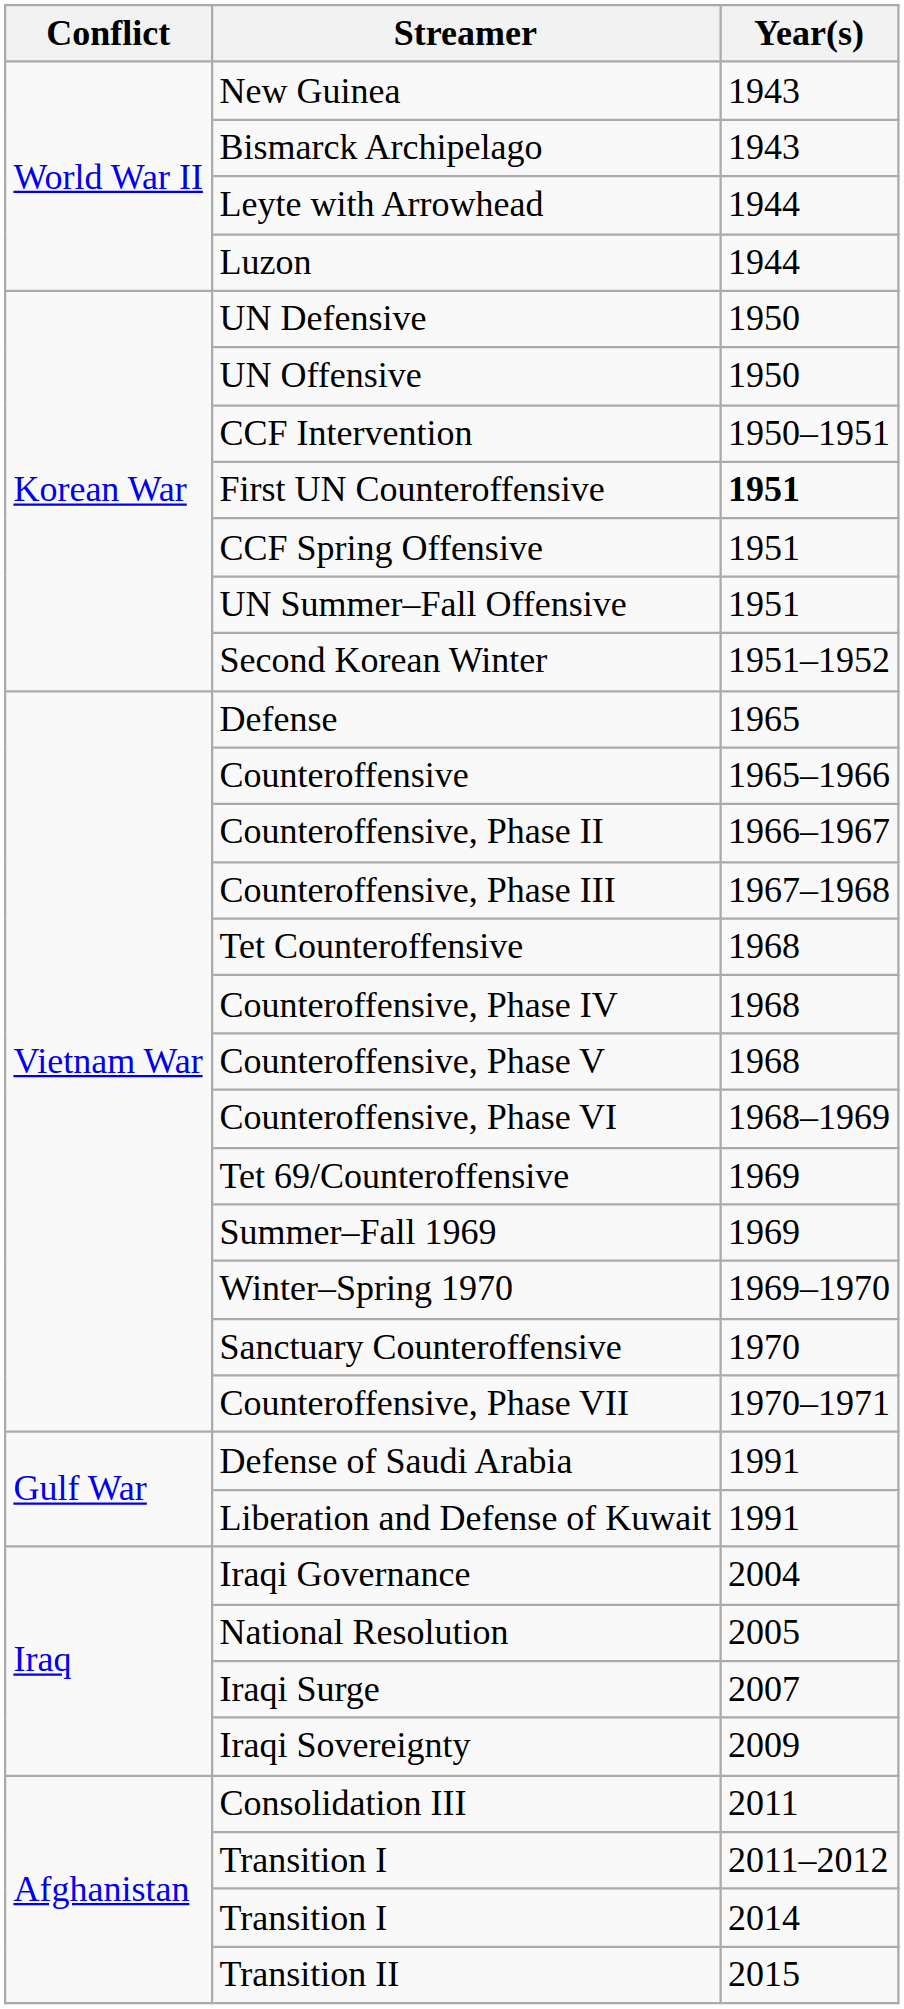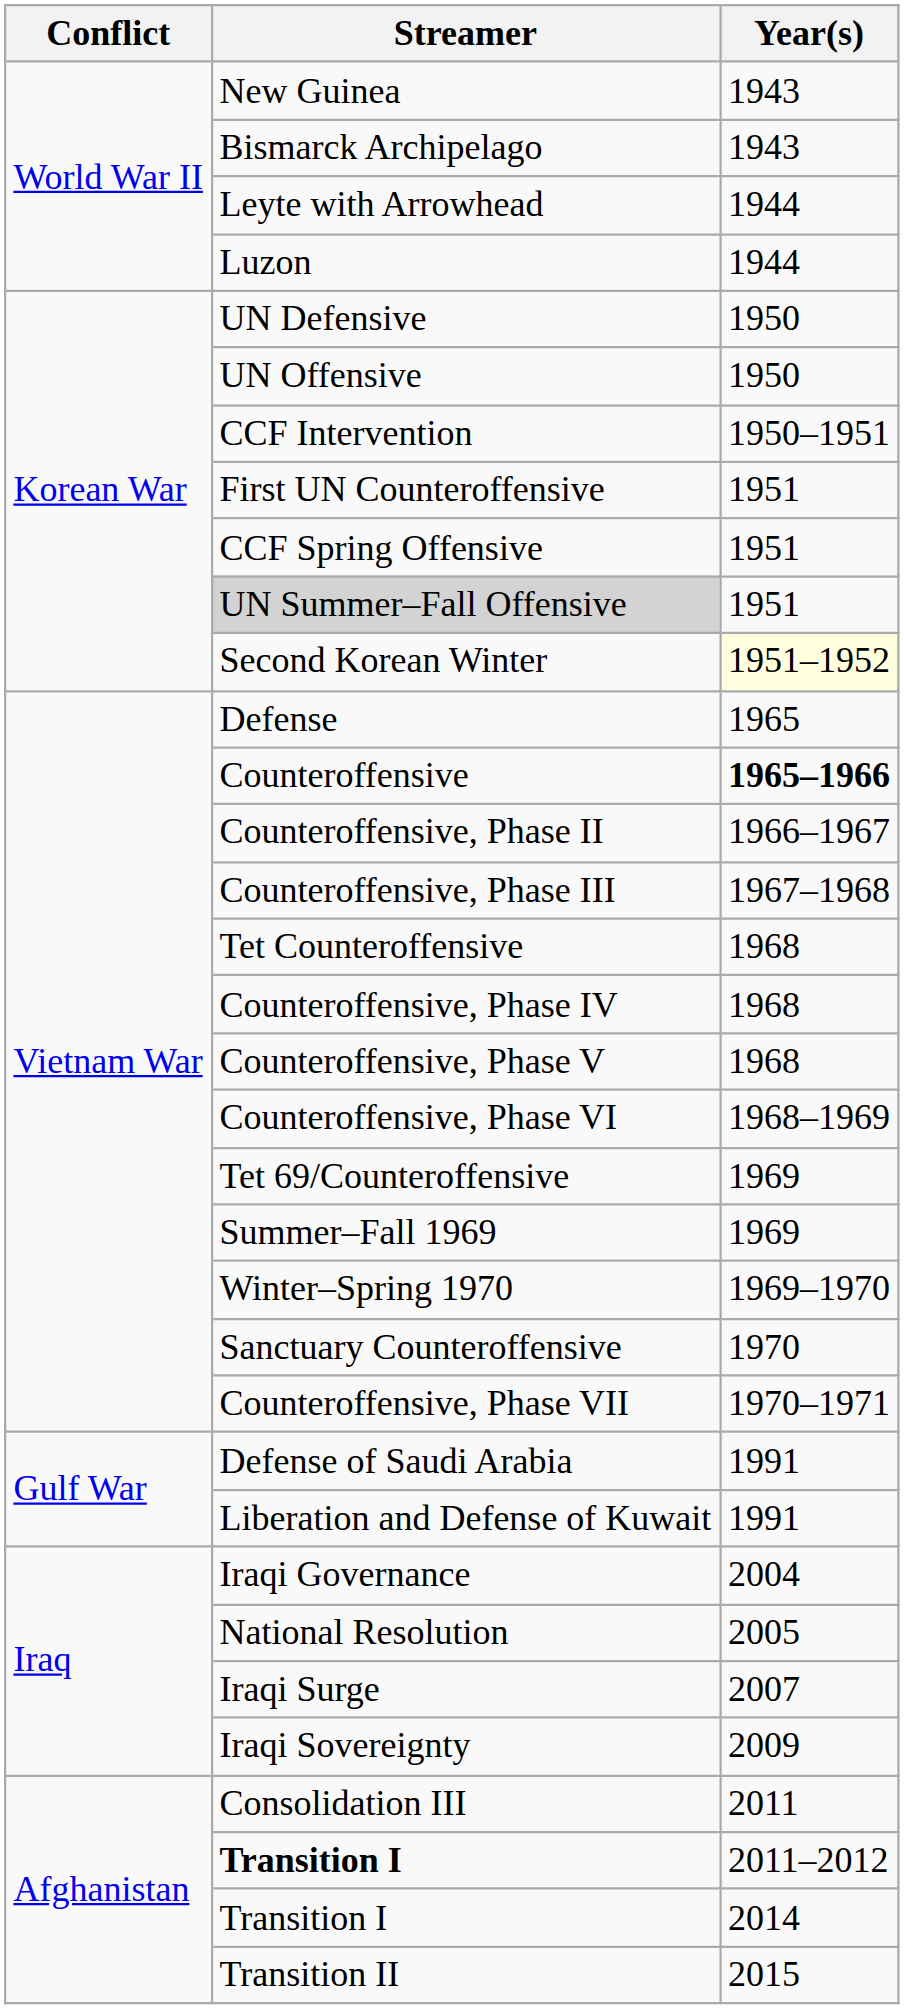 <table class=wikitable>
 <tr style="background:#efefef;">
 <th>Conflict</th>
 <th>Streamer</th>
 <th>Year(s)</th>
 </tr>
 <tr>
 <td rowspan="4"><a href='#'>World War II</a> <br> </td>
 <td>New Guinea</td>
 <td>1943</td>
 </tr>
 <tr>
 <td>Bismarck Archipelago</td>
 <td>1943</td>
 </tr>
 <tr>
 <td>Leyte with Arrowhead</td>
 <td>1944</td>
 </tr>
 <tr>
 <td>Luzon</td>
 <td>1944</td>
 </tr>
 <tr>
 <td rowspan="7"><a href='#'>Korean War</a> <br> </td>
 <td>UN Defensive</td>
 <td>1950</td>
 </tr>
 <tr>
 <td>UN Offensive</td>
 <td>1950</td>
 </tr>
 <tr>
 <td>CCF Intervention</td>
 <td>1950–1951</td>
 </tr>
 <tr>
 <td>First UN Counteroffensive</td>
-<td><strong>1951</strong></td>
+<td>1951</td>
 </tr>
 <tr>
 <td>CCF Spring Offensive</td>
 <td>1951</td>
 </tr>
 <tr>
-<td>UN Summer–Fall Offensive</td>
+<td style="background: lightgrey;">UN Summer–Fall Offensive</td>
 <td>1951</td>
 </tr>
 <tr>
 <td>Second Korean Winter</td>
-<td>1951–1952</td>
+<td style="background: lightyellow;">1951–1952</td>
 </tr>
 <tr>
 <td rowspan="13"><a href='#'>Vietnam War</a> <br> </td>
 <td>Defense</td>
 <td>1965</td>
 </tr>
 <tr>
 <td>Counteroffensive</td>
-<td>1965–1966</td>
+<td><strong>1965–1966</strong></td>
 </tr>
 <tr>
 <td>Counteroffensive, Phase II</td>
 <td>1966–1967</td>
 </tr>
 <tr>
 <td>Counteroffensive, Phase III</td>
 <td>1967–1968</td>
 </tr>
 <tr>
 <td>Tet Counteroffensive</td>
 <td>1968</td>
 </tr>
 <tr>
 <td>Counteroffensive, Phase IV</td>
 <td>1968</td>
 </tr>
 <tr>
 <td>Counteroffensive, Phase V</td>
 <td>1968</td>
 </tr>
 <tr>
 <td>Counteroffensive, Phase VI</td>
 <td>1968–1969</td>
 </tr>
 <tr>
 <td>Tet 69/Counteroffensive</td>
 <td>1969</td>
 </tr>
 <tr>
 <td>Summer–Fall 1969</td>
 <td>1969</td>
 </tr>
 <tr>
 <td>Winter–Spring 1970</td>
 <td>1969–1970</td>
 </tr>
 <tr>
 <td>Sanctuary Counteroffensive</td>
 <td>1970</td>
 </tr>
 <tr>
 <td>Counteroffensive, Phase VII</td>
 <td>1970–1971</td>
 </tr>
 <tr>
 <td rowspan="2"><a href='#'>Gulf War</a> <br> </td>
 <td>Defense of Saudi Arabia</td>
 <td>1991</td>
 </tr>
 <tr>
 <td>Liberation and Defense of Kuwait</td>
 <td>1991</td>
 </tr>
 <tr>
 <td rowspan="4"><a href='#'>Iraq</a><br> </td>
 <td>Iraqi Governance</td>
 <td>2004</td>
 </tr>
 <tr>
 <td>National Resolution</td>
 <td>2005</td>
 </tr>
 <tr>
 <td>Iraqi Surge</td>
 <td>2007</td>
 </tr>
 <tr>
 <td>Iraqi Sovereignty</td>
 <td>2009</td>
 </tr>
 <tr>
 <td rowspan="4"><a href='#'>Afghanistan</a><br> </td>
 <td>Consolidation III</td>
 <td>2011</td>
 </tr>
 <tr>
-<td>Transition I</td>
+<td><strong>Transition I</strong></td>
 <td>2011–2012</td>
 </tr>
 <tr>
 <td>Transition I</td>
 <td>2014</td>
 </tr>
 <tr>
 <td>Transition II</td>
 <td>2015</td>
 </tr>
 </table>
